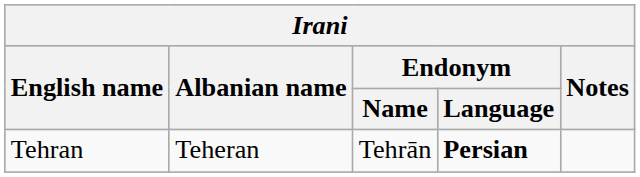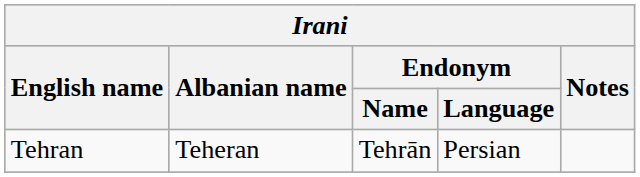 <table class="wikitable sortable">
 <tr>
 <th colspan="5"> <em>Irani</em></th>
 </tr>
 <tr>
 <th rowspan="2">English name</th>
 <th rowspan="2">Albanian name</th>
 <th colspan="2">Endonym</th>
 <th rowspan="2">Notes</th>
 </tr>
 <tr>
 <th>Name</th>
 <th>Language</th>
 </tr>
 <tr>
 <td>Tehran</td>
 <td>Teheran</td>
 <td>Tehrān</td>
-<td><strong>Persian</strong></td>
+<td>Persian</td>
 <td></td>
 </tr>
 </table>
